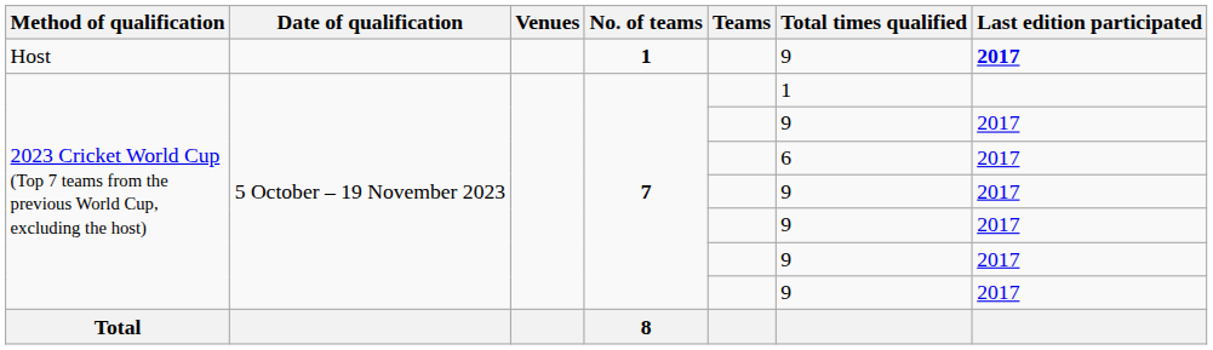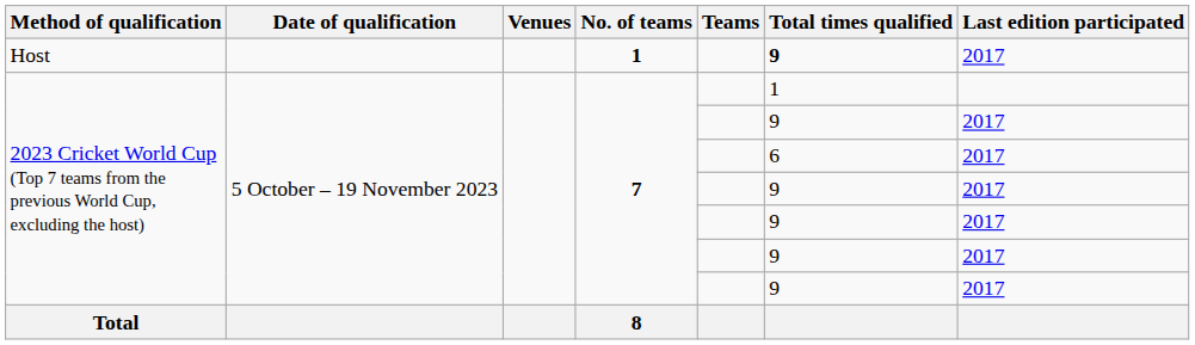 <table class="wikitable defaultcenter col1left col5left">
 <tr>
 <th scope="col">Method of qualification</th>
 <th>Date of qualification</th>
 <th>Venues</th>
 <th>No. of teams</th>
 <th>Teams</th>
 <th>Total times qualified</th>
 <th>Last edition participated</th>
 </tr>
 <tr>
 <td>Host</td>
 <td></td>
 <td></td>
 <td align=center><strong>1</strong></td>
 <td></td>
-<td>9</td>
-<td><strong><a href='#'>2017</a></strong></td>
+<td><strong>9</strong></td>
+<td><a href='#'>2017</a></td>
 </tr>
 <tr>
 <td rowspan="7"><a href='#'>2023 Cricket World Cup</a><br><small>(Top 7 teams from the<br>previous World Cup,<br>excluding the host)</small></td>
 <td rowspan="7">5 October – 19 November 2023</td>
 <td rowspan="7"></td>
 <td rowspan="7" align=center><strong>7</strong></td>
 <td></td>
 <td>1</td>
 <td></td>
 </tr>
 <tr>
 <td></td>
 <td>9</td>
 <td><a href='#'>2017</a></td>
 </tr>
 <tr>
 <td></td>
 <td>6</td>
 <td><a href='#'>2017</a></td>
 </tr>
 <tr>
 <td></td>
 <td>9</td>
 <td><a href='#'>2017</a></td>
 </tr>
 <tr>
 <td></td>
 <td>9</td>
 <td><a href='#'>2017</a></td>
 </tr>
 <tr>
 <td></td>
 <td>9</td>
 <td><a href='#'>2017</a></td>
 </tr>
 <tr>
 <td></td>
 <td>9</td>
 <td><a href='#'>2017</a></td>
 </tr>
 <tr class=sortbottom>
 <th>Total</th>
 <th></th>
 <th></th>
 <th>8</th>
 <th></th>
 <th></th>
 <th></th>
 </tr>
 </table>
